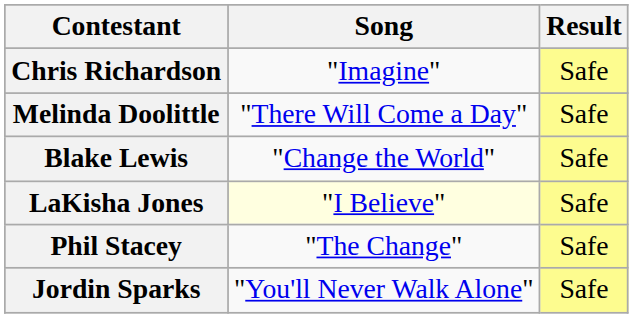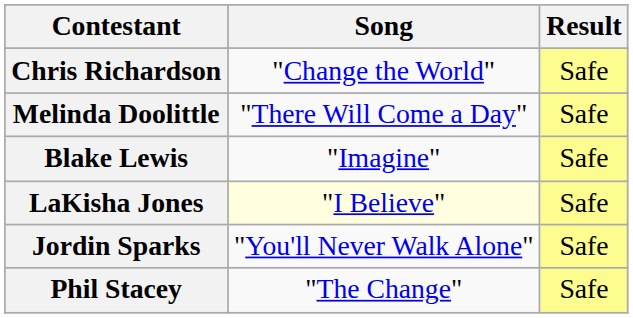 <table class="wikitable unsortable" style="text-align:center;">
 <tr>
 <th scope="col">Contestant</th>
 <th scope="col">Song</th>
 <th scope="col">Result</th>
 </tr>
 <tr>
 <th scope="row">Chris Richardson</th>
-<td>"<a href='#'>Imagine</a>"</td>
+<td>"<a href='#'>Change the World</a>"</td>
 <td style="background:#FDFC8F">Safe</td>
 </tr>
 <tr>
 <th scope="row">Melinda Doolittle</th>
 <td>"<a href='#'>There Will Come a Day</a>"</td>
 <td style="background:#FDFC8F">Safe</td>
 </tr>
 <tr>
 <th scope="row">Blake Lewis</th>
-<td>"<a href='#'>Change the World</a>"</td>
+<td>"<a href='#'>Imagine</a>"</td>
 <td style="background:#FDFC8F">Safe</td>
 </tr>
 <tr>
 <th scope="row">LaKisha Jones</th>
 <td style="background: lightyellow;">"<a href='#'>I Believe</a>"</td>
 <td style="background:#FDFC8F">Safe</td>
 </tr>
 <tr>
+<th scope="row">Jordin Sparks</th>
+<td>"<a href='#'>You'll Never Walk Alone</a>"</td>
+<td style="background:#FDFC8F">Safe</td>
+</tr>
+<tr>
 <th scope="row">Phil Stacey</th>
 <td>"<a href='#'>The Change</a>"</td>
 <td style="background:#FDFC8F">Safe</td>
 </tr>
-<tr>
-<th scope="row">Jordin Sparks</th>
-<td>"<a href='#'>You'll Never Walk Alone</a>"</td>
-<td style="background:#FDFC8F">Safe</td>
-</tr>
 </table>
